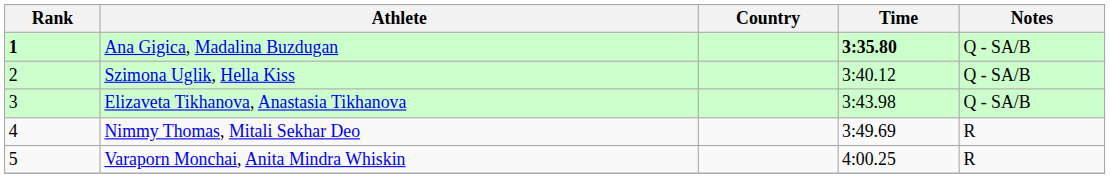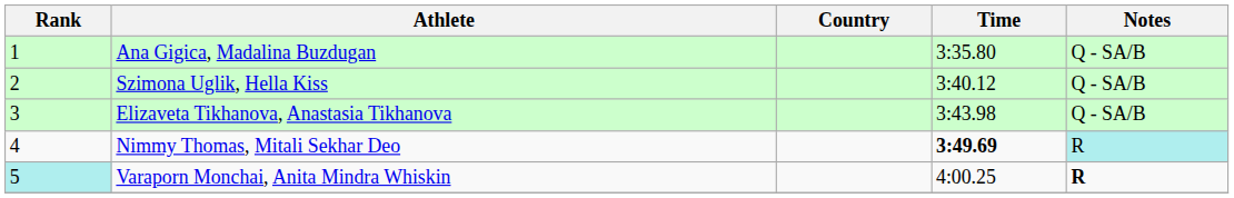 <table class="wikitable" width=50%>
 <tr>
 <th>Rank</th>
 <th>Athlete</th>
 <th>Country</th>
 <th>Time</th>
 <th>Notes</th>
 </tr>
 <tr bgcolor=ccffcc>
-<td><strong>1</strong></td>
+<td>1</td>
 <td><a href='#'>Ana Gigica</a>, <a href='#'>Madalina Buzdugan</a></td>
 <td></td>
-<td><strong>3:35.80</strong></td>
+<td>3:35.80</td>
 <td>Q - SA/B</td>
 </tr>
 <tr bgcolor=ccffcc>
 <td>2</td>
 <td><a href='#'>Szimona Uglik</a>, <a href='#'>Hella Kiss</a></td>
 <td></td>
 <td>3:40.12</td>
 <td>Q - SA/B</td>
 </tr>
 <tr bgcolor=ccffcc>
 <td>3</td>
 <td><a href='#'>Elizaveta Tikhanova</a>, <a href='#'>Anastasia Tikhanova</a></td>
 <td></td>
 <td>3:43.98</td>
 <td>Q - SA/B</td>
 </tr>
 <tr>
 <td>4</td>
 <td><a href='#'>Nimmy Thomas</a>, <a href='#'>Mitali Sekhar Deo</a></td>
 <td></td>
-<td>3:49.69</td>
-<td>R</td>
+<td><strong>3:49.69</strong></td>
+<td style="background: paleturquoise;">R</td>
 </tr>
 <tr>
-<td>5</td>
+<td style="background: paleturquoise;">5</td>
 <td><a href='#'>Varaporn Monchai</a>, <a href='#'>Anita Mindra Whiskin</a></td>
 <td></td>
 <td>4:00.25</td>
-<td>R</td>
+<td><strong>R</strong></td>
 </tr>
 <tr>
 </tr>
 </table>
